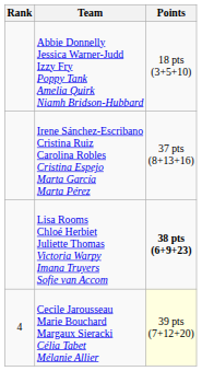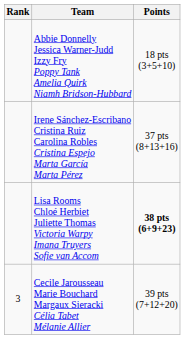 <table class="wikitable sortable" style="text-align:center;">
 <tr>
 <th>Rank</th>
 <th>Team</th>
 <th>Points</th>
 </tr>
 <tr>
 <td></td>
 <td align=left><br><a href='#'>Abbie Donnelly</a><br><a href='#'>Jessica Warner-Judd</a><br><a href='#'>Izzy Fry</a><br><em><a href='#'>Poppy Tank</a><br><a href='#'>Amelia Quirk</a><br><a href='#'>Niamh Bridson-Hubbard</a></em></td>
 <td>18 pts<br>(3+5+10)</td>
 </tr>
 <tr>
 <td></td>
 <td align=left><br><a href='#'>Irene Sánchez-Escribano</a><br><a href='#'>Cristina Ruiz</a><br><a href='#'>Carolina Robles</a><br><em><a href='#'>Cristina Espejo</a><br><a href='#'>Marta García</a><br><a href='#'>Marta Pérez</a></em></td>
 <td>37 pts<br>(8+13+16)</td>
 </tr>
 <tr>
 <td></td>
 <td align=left><br><a href='#'>Lisa Rooms</a><br><a href='#'>Chloé Herbiet</a><br><a href='#'>Juliette Thomas</a><br><em><a href='#'>Victoria Warpy</a><br><a href='#'>Imana Truyers</a><br><a href='#'>Sofie van Accom</a></em></td>
 <td><strong>38 pts<br>(6+9+23)</strong></td>
 </tr>
 <tr>
-<td>4</td>
+<td>3</td>
 <td align=left><br><a href='#'>Cecile Jarousseau</a><br><a href='#'>Marie Bouchard</a><br><a href='#'>Margaux Sieracki</a><br><em><a href='#'>Célia Tabet</a><br><a href='#'>Mélanie Allier</a></em></td>
-<td style="background: lightyellow;">39 pts<br>(7+12+20)</td>
+<td>39 pts<br>(7+12+20)</td>
 </tr>
 </table>
